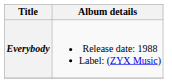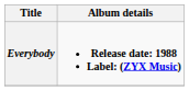 <table class="wikitable" style="text-align:center;">
 <tr>
 <th>Title</th>
 <th>Album details</th>
 </tr>
 <tr>
 <th scope="row"><em>Everybody</em></th>
-<td><br><ul><li>Release date: 1988</li><li>Label: (<a href='#'>ZYX Music</a>)</li></ul></td>
+<td><strong><br><ul><li>Release date: 1988</li><li>Label: (<a href='#'>ZYX Music</a>)</li></ul></strong></td>
 </tr>
 <tr>
 </tr>
 </table>
